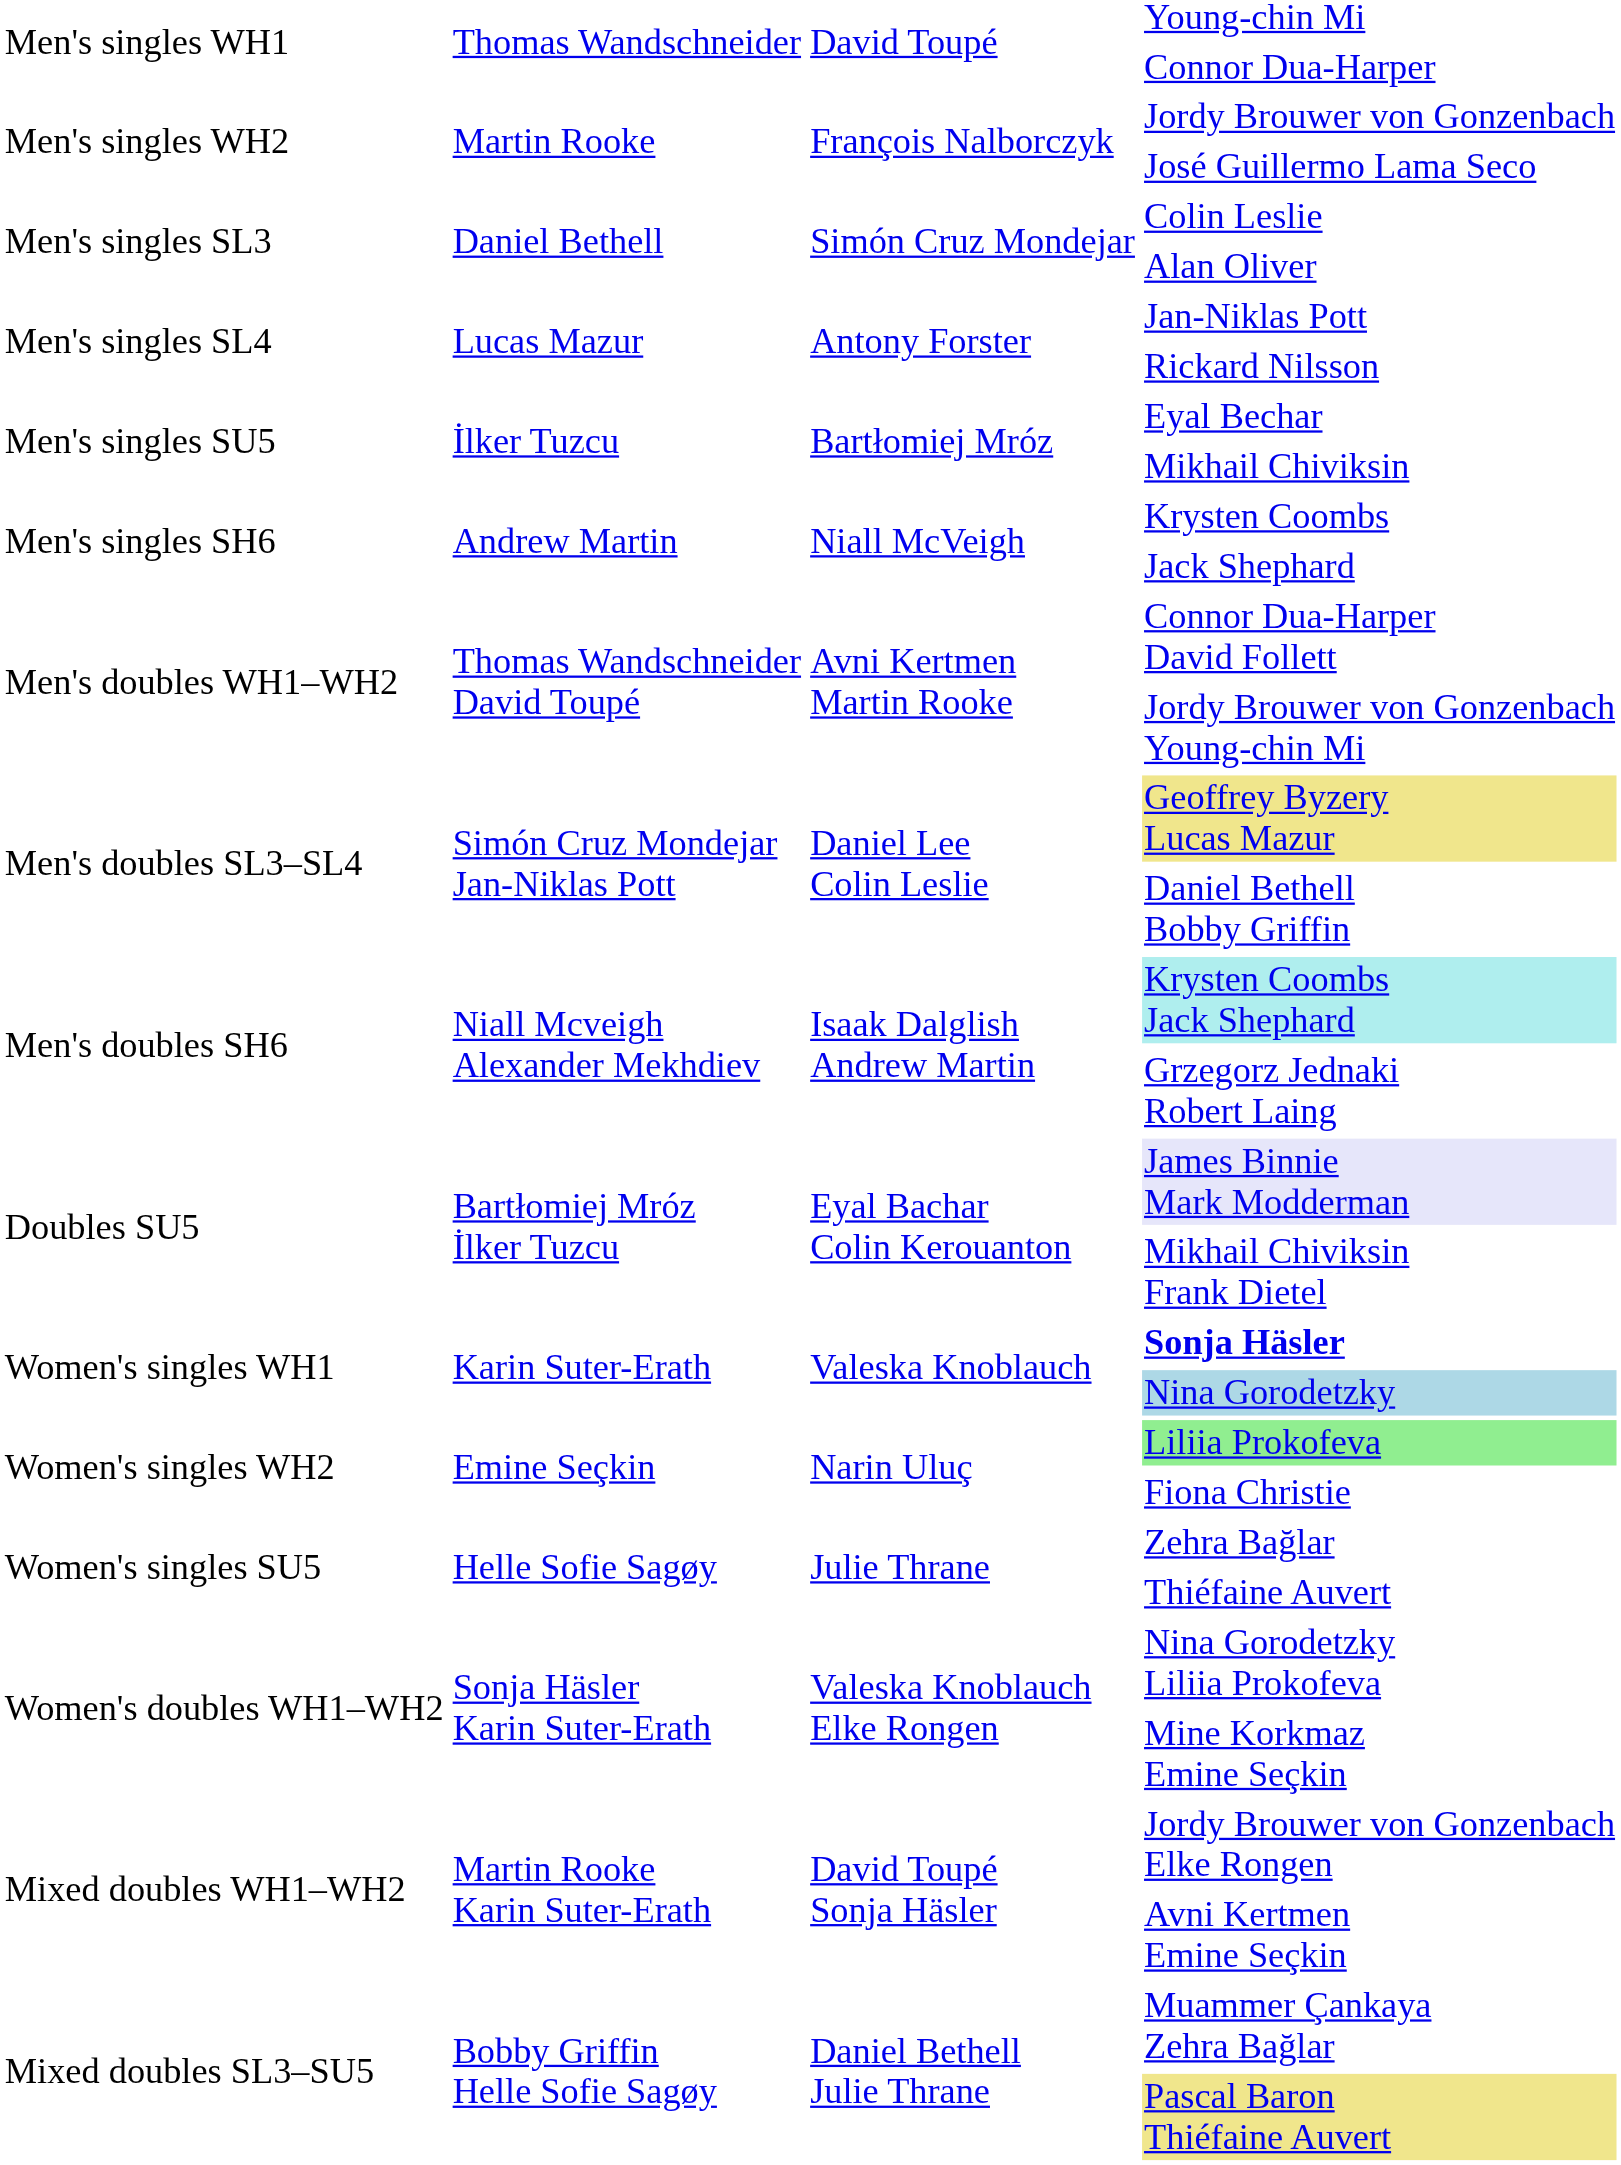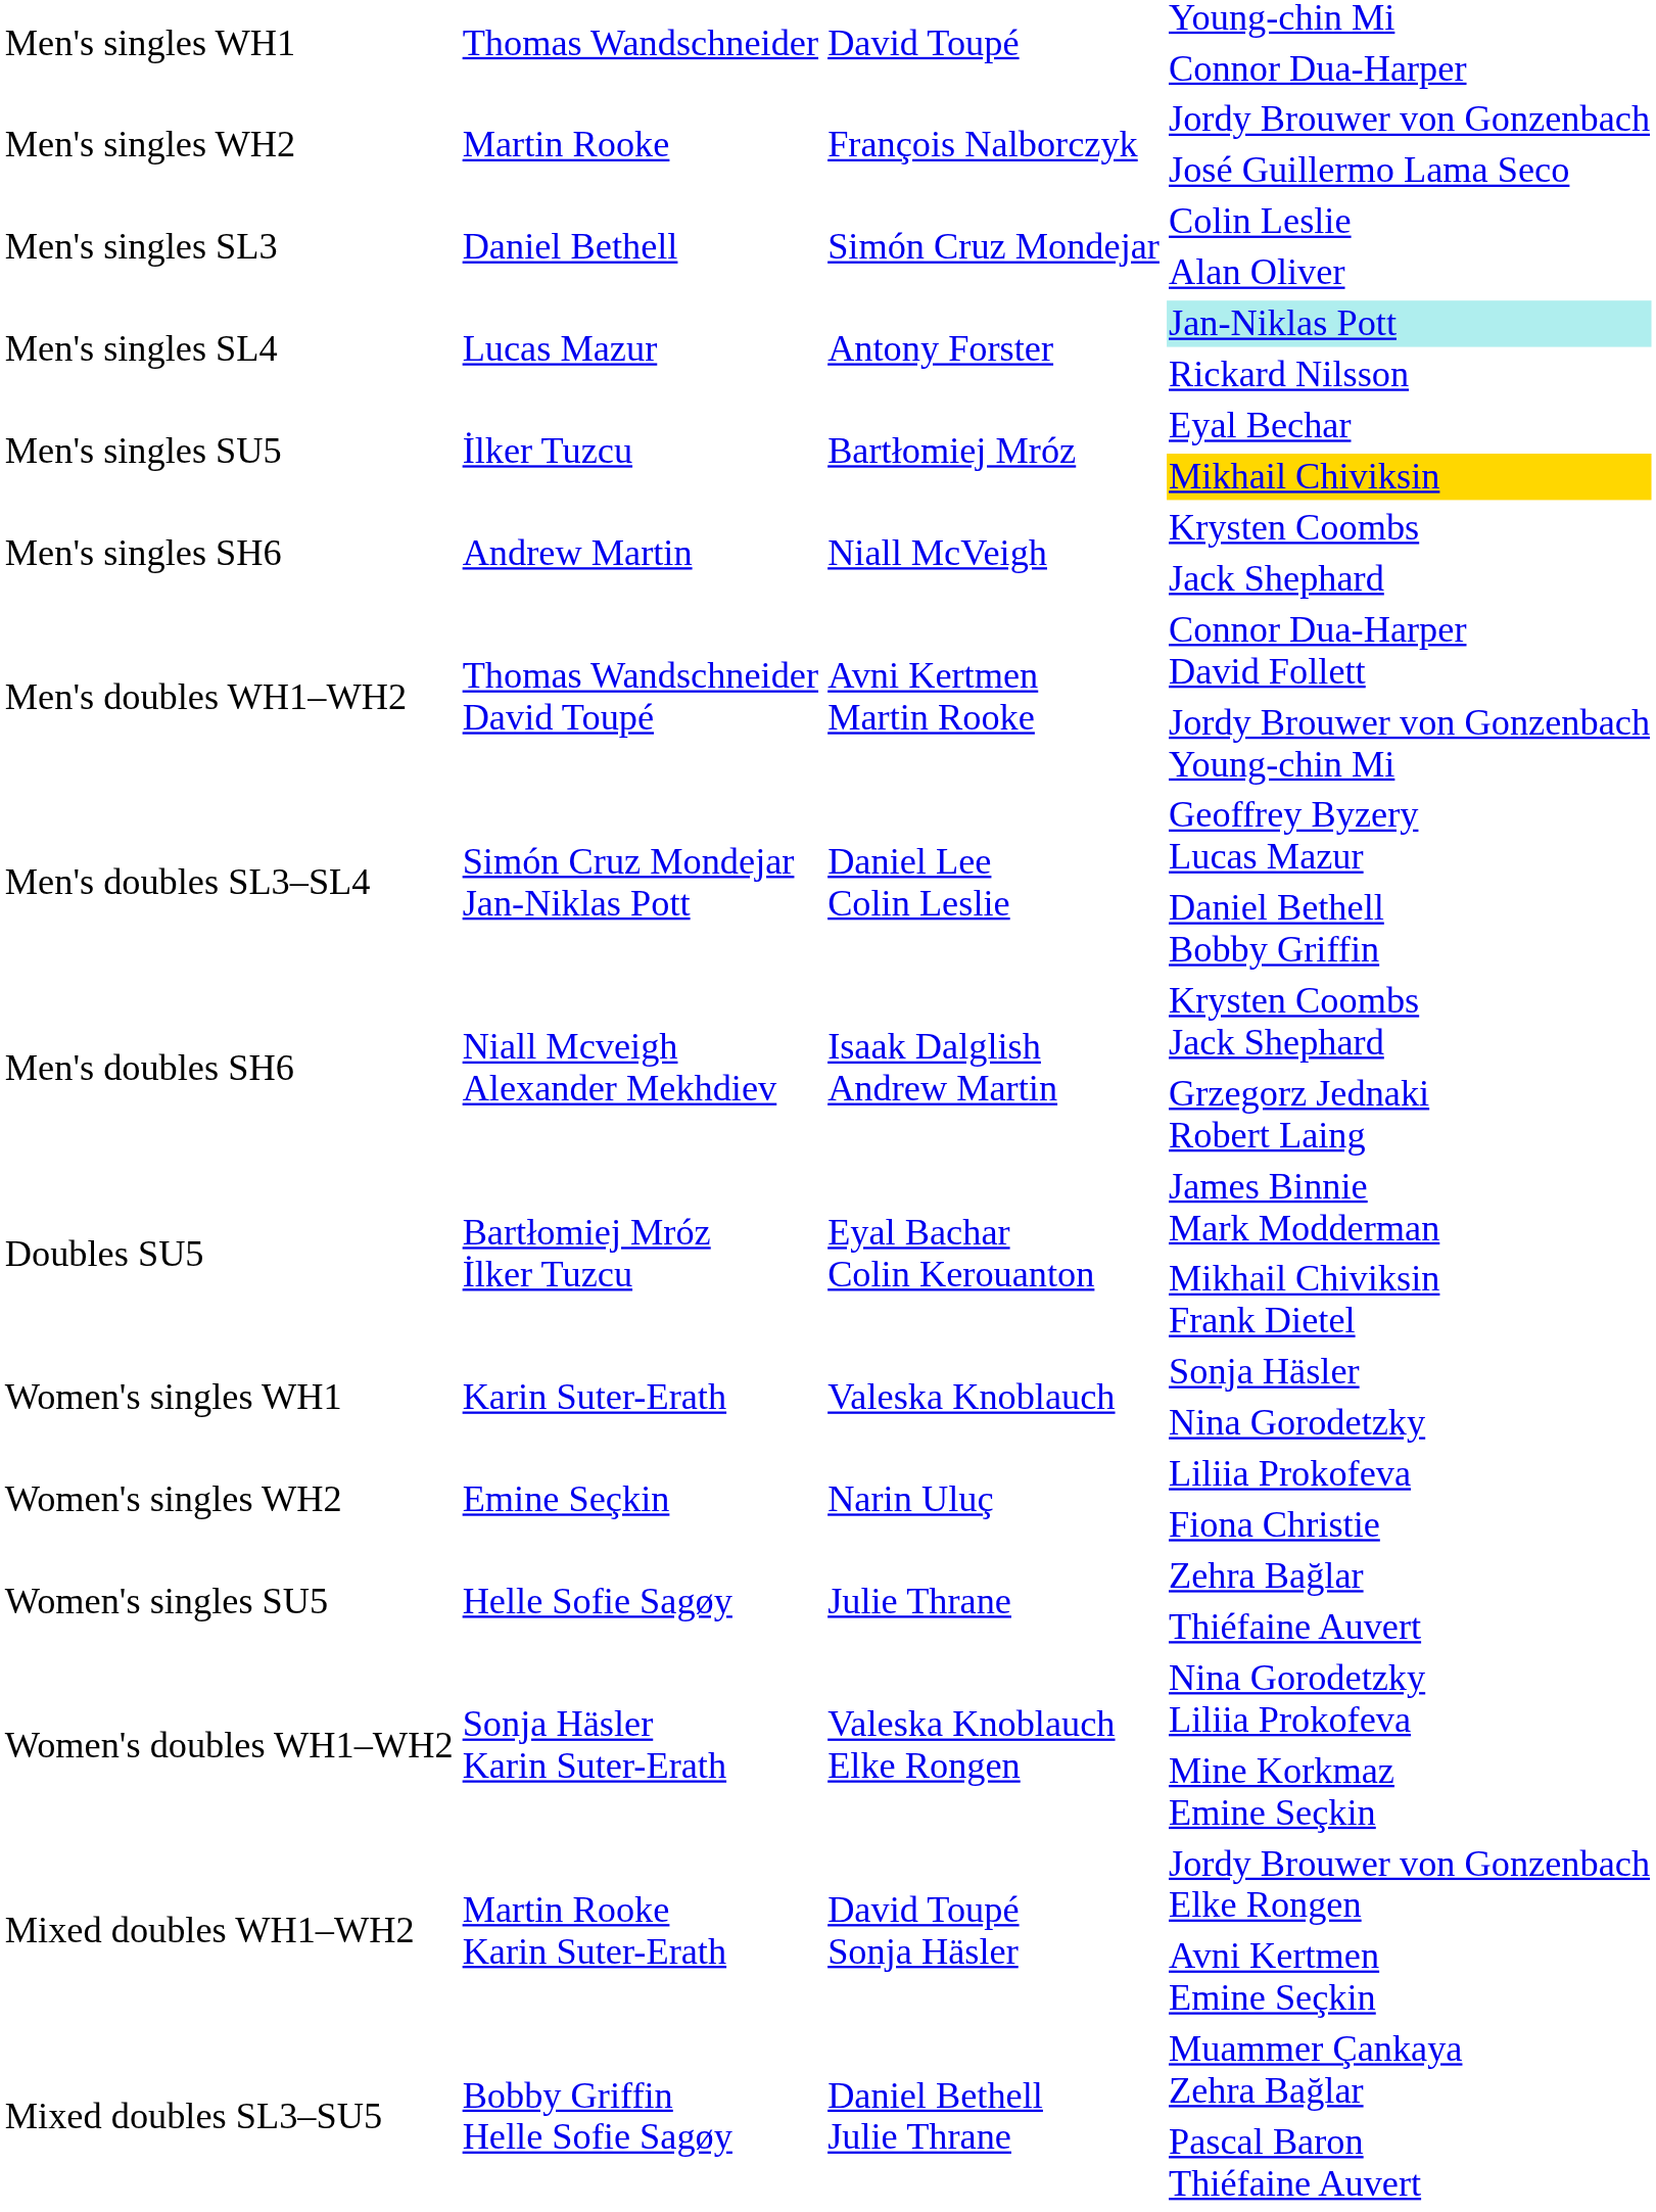 <table>
 <tr>
 <td rowspan="2">Men's singles WH1</td>
 <td rowspan="2"> <a href='#'>Thomas Wandschneider</a></td>
 <td rowspan="2"> <a href='#'>David Toupé</a></td>
 <td> <a href='#'>Young-chin Mi</a></td>
 </tr>
 <tr>
 <td> <a href='#'>Connor Dua-Harper</a></td>
 </tr>
 <tr>
 <td rowspan="2">Men's singles WH2</td>
 <td rowspan="2"> <a href='#'>Martin Rooke</a></td>
 <td rowspan="2"> <a href='#'>François Nalborczyk</a></td>
 <td> <a href='#'>Jordy Brouwer von Gonzenbach</a></td>
 </tr>
 <tr>
 <td> <a href='#'>José Guillermo Lama Seco</a></td>
 </tr>
 <tr>
 <td rowspan="2">Men's singles SL3</td>
 <td rowspan="2"> <a href='#'>Daniel Bethell</a></td>
 <td rowspan="2"> <a href='#'>Simón Cruz Mondejar</a></td>
 <td> <a href='#'>Colin Leslie</a></td>
 </tr>
 <tr>
 <td> <a href='#'>Alan Oliver</a></td>
 </tr>
 <tr>
 <td rowspan="2">Men's singles SL4</td>
 <td rowspan="2"> <a href='#'>Lucas Mazur</a></td>
 <td rowspan="2"> <a href='#'>Antony Forster</a></td>
-<td> <a href='#'>Jan-Niklas Pott</a></td>
+<td style="background: paleturquoise;"> <a href='#'>Jan-Niklas Pott</a></td>
 </tr>
 <tr>
 <td> <a href='#'>Rickard Nilsson</a></td>
 </tr>
 <tr>
 <td rowspan="2">Men's singles SU5</td>
 <td rowspan="2"> <a href='#'>İlker Tuzcu</a></td>
 <td rowspan="2"> <a href='#'>Bartłomiej Mróz</a></td>
 <td> <a href='#'>Eyal Bechar</a></td>
 </tr>
 <tr>
-<td> <a href='#'>Mikhail Chiviksin</a></td>
+<td style="background: gold;"> <a href='#'>Mikhail Chiviksin</a></td>
 </tr>
 <tr>
 <td rowspan="2">Men's singles SH6</td>
 <td rowspan="2"> <a href='#'>Andrew Martin</a></td>
 <td rowspan="2"> <a href='#'>Niall McVeigh</a></td>
 <td> <a href='#'>Krysten Coombs</a></td>
 </tr>
 <tr>
 <td> <a href='#'>Jack Shephard</a></td>
 </tr>
 <tr>
 <td rowspan="2">Men's doubles WH1–WH2</td>
 <td rowspan="2"> <a href='#'>Thomas Wandschneider</a> <br> <a href='#'>David Toupé</a></td>
 <td rowspan="2"> <a href='#'>Avni Kertmen</a> <br> <a href='#'>Martin Rooke</a></td>
 <td> <a href='#'>Connor Dua-Harper</a><br> <a href='#'>David Follett</a></td>
 </tr>
 <tr>
 <td> <a href='#'>Jordy Brouwer von Gonzenbach</a> <br> <a href='#'>Young-chin Mi</a></td>
 </tr>
 <tr>
 <td rowspan="2">Men's doubles SL3–SL4</td>
 <td rowspan="2"> <a href='#'>Simón Cruz Mondejar</a><br> <a href='#'>Jan-Niklas Pott</a></td>
 <td rowspan="2"> <a href='#'>Daniel Lee</a><br> <a href='#'>Colin Leslie</a></td>
-<td style="background: khaki;"> <a href='#'>Geoffrey Byzery</a><br> <a href='#'>Lucas Mazur</a></td>
+<td> <a href='#'>Geoffrey Byzery</a><br> <a href='#'>Lucas Mazur</a></td>
 </tr>
 <tr>
 <td> <a href='#'>Daniel Bethell</a><br> <a href='#'>Bobby Griffin</a></td>
 </tr>
 <tr>
 <td rowspan="2">Men's doubles SH6</td>
 <td rowspan="2"> <a href='#'>Niall Mcveigh</a><br> <a href='#'>Alexander Mekhdiev</a></td>
 <td rowspan="2"> <a href='#'>Isaak Dalglish</a><br> <a href='#'>Andrew Martin</a></td>
-<td style="background: paleturquoise;"> <a href='#'>Krysten Coombs</a><br> <a href='#'>Jack Shephard</a></td>
+<td> <a href='#'>Krysten Coombs</a><br> <a href='#'>Jack Shephard</a></td>
 </tr>
 <tr>
 <td> <a href='#'>Grzegorz Jednaki</a><br> <a href='#'>Robert Laing</a></td>
 </tr>
 <tr>
 <td rowspan="2">Doubles SU5</td>
 <td rowspan="2"> <a href='#'>Bartłomiej Mróz</a><br> <a href='#'>İlker Tuzcu</a></td>
 <td rowspan="2"> <a href='#'>Eyal Bachar</a><br> <a href='#'>Colin Kerouanton</a></td>
-<td style="background: lavender;"> <a href='#'>James Binnie</a><br> <a href='#'>Mark Modderman</a></td>
+<td> <a href='#'>James Binnie</a><br> <a href='#'>Mark Modderman</a></td>
 </tr>
 <tr>
 <td> <a href='#'>Mikhail Chiviksin</a><br> <a href='#'>Frank Dietel</a></td>
 </tr>
 <tr>
 <td rowspan="2">Women's singles WH1</td>
 <td rowspan="2"> <a href='#'>Karin Suter-Erath</a></td>
 <td rowspan="2"> <a href='#'>Valeska Knoblauch</a></td>
-<td><strong> <a href='#'>Sonja Häsler</a></strong></td>
+<td> <a href='#'>Sonja Häsler</a></td>
 </tr>
 <tr>
-<td style="background: lightblue;"> <a href='#'>Nina Gorodetzky</a></td>
+<td> <a href='#'>Nina Gorodetzky</a></td>
 </tr>
 <tr>
 <td rowspan="2">Women's singles WH2</td>
 <td rowspan="2"> <a href='#'>Emine Seçkin</a></td>
 <td rowspan="2"> <a href='#'>Narin Uluç</a></td>
-<td style="background: lightgreen;"> <a href='#'>Liliia Prokofeva</a></td>
+<td> <a href='#'>Liliia Prokofeva</a></td>
 </tr>
 <tr>
 <td> <a href='#'>Fiona Christie</a></td>
 </tr>
 <tr>
 <td rowspan="2">Women's singles SU5</td>
 <td rowspan="2"> <a href='#'>Helle Sofie Sagøy</a></td>
 <td rowspan="2"> <a href='#'>Julie Thrane</a></td>
 <td> <a href='#'>Zehra Bağlar</a></td>
 </tr>
 <tr>
 <td> <a href='#'>Thiéfaine Auvert</a></td>
 </tr>
 <tr>
 <td rowspan="2">Women's doubles WH1–WH2</td>
 <td rowspan="2"> <a href='#'>Sonja Häsler</a> <br> <a href='#'>Karin Suter-Erath</a></td>
 <td rowspan="2"> <a href='#'>Valeska Knoblauch</a> <br> <a href='#'>Elke Rongen</a></td>
 <td> <a href='#'>Nina Gorodetzky</a> <br> <a href='#'>Liliia Prokofeva</a></td>
 </tr>
 <tr>
 <td> <a href='#'>Mine Korkmaz</a> <br> <a href='#'>Emine Seçkin</a></td>
 </tr>
 <tr>
 <td rowspan="2">Mixed doubles WH1–WH2</td>
 <td rowspan="2"> <a href='#'>Martin Rooke</a> <br> <a href='#'>Karin Suter-Erath</a></td>
 <td rowspan="2"> <a href='#'>David Toupé</a> <br> <a href='#'>Sonja Häsler</a></td>
 <td> <a href='#'>Jordy Brouwer von Gonzenbach</a><br> <a href='#'>Elke Rongen</a></td>
 </tr>
 <tr>
 <td> <a href='#'>Avni Kertmen</a><br> <a href='#'>Emine Seçkin</a></td>
 </tr>
 <tr>
 <td rowspan="2">Mixed doubles SL3–SU5</td>
 <td rowspan="2"> <a href='#'>Bobby Griffin</a> <br> <a href='#'>Helle Sofie Sagøy</a></td>
 <td rowspan="2"> <a href='#'>Daniel Bethell</a> <br> <a href='#'>Julie Thrane</a></td>
 <td> <a href='#'>Muammer Çankaya</a><br> <a href='#'>Zehra Bağlar</a></td>
 </tr>
 <tr>
-<td style="background: khaki;"> <a href='#'>Pascal Baron</a><br> <a href='#'>Thiéfaine Auvert</a></td>
+<td> <a href='#'>Pascal Baron</a><br> <a href='#'>Thiéfaine Auvert</a></td>
 </tr>
 </table>
